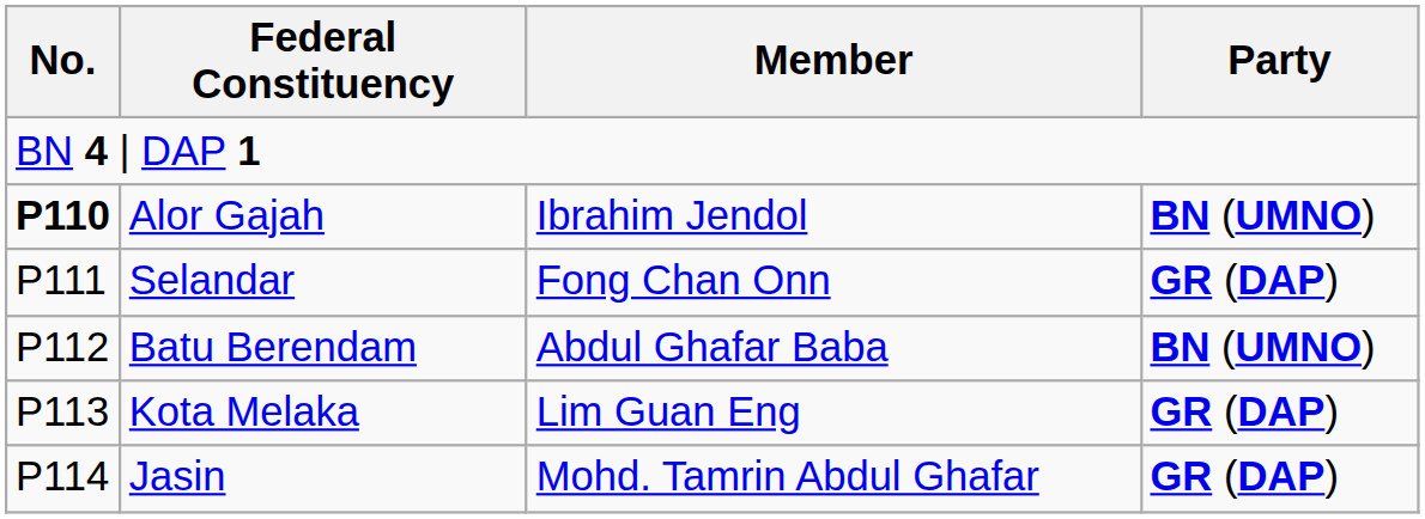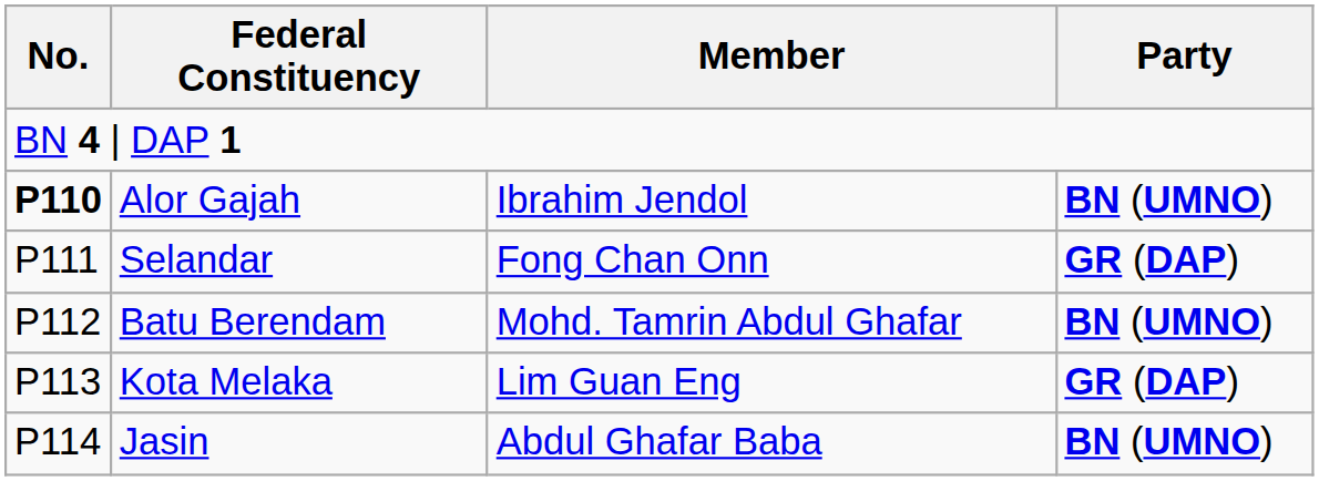 <table class="wikitable sortable">
 <tr>
 <th style="width:30px;">No.</th>
 <th style="width:150px;">Federal Constituency</th>
 <th style="width:230px;">Member</th>
 <th style="width:100px;">Party</th>
 </tr>
 <tr>
 <td colspan="4"><a href='#'>BN</a> <strong>4</strong> | <a href='#'>DAP</a> <strong>1</strong></td>
 </tr>
 <tr>
 <td><strong>P110</strong></td>
 <td><a href='#'>Alor Gajah</a></td>
 <td><a href='#'>Ibrahim Jendol</a></td>
 <td><strong><a href='#'>BN</a></strong> (<strong><a href='#'>UMNO</a></strong>)</td>
 </tr>
 <tr>
 <td>P111</td>
 <td><a href='#'>Selandar</a></td>
 <td><a href='#'>Fong Chan Onn</a></td>
 <td><strong><a href='#'>GR</a></strong> (<strong><a href='#'>DAP</a></strong>)</td>
 </tr>
 <tr>
 <td>P112</td>
 <td><a href='#'>Batu Berendam</a></td>
-<td><a href='#'>Abdul Ghafar Baba</a></td>
+<td><a href='#'>Mohd. Tamrin Abdul Ghafar</a></td>
 <td><strong><a href='#'>BN</a></strong> (<strong><a href='#'>UMNO</a></strong>)</td>
 </tr>
 <tr>
 <td>P113</td>
 <td><a href='#'>Kota Melaka</a></td>
 <td><a href='#'>Lim Guan Eng</a></td>
 <td><strong><a href='#'>GR</a></strong> (<strong><a href='#'>DAP</a></strong>)</td>
 </tr>
 <tr>
 <td>P114</td>
 <td><a href='#'>Jasin</a></td>
-<td><a href='#'>Mohd. Tamrin Abdul Ghafar</a></td>
-<td><strong><a href='#'>GR</a></strong> (<strong><a href='#'>DAP</a></strong>)</td>
+<td><a href='#'>Abdul Ghafar Baba</a></td>
+<td><strong><a href='#'>BN</a></strong> (<strong><a href='#'>UMNO</a></strong>)</td>
 </tr>
 </table>
